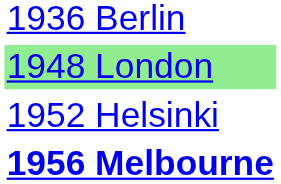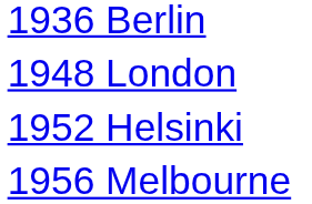 <table>
 <tr>
 <td><a href='#'>1936 Berlin</a><br></td>
 <td></td>
 <td></td>
 <td></td>
 </tr>
 <tr>
-<td style="background: lightgreen;"><a href='#'>1948 London</a><br></td>
+<td><a href='#'>1948 London</a><br></td>
 <td></td>
 <td></td>
 <td></td>
 </tr>
 <tr>
 <td><a href='#'>1952 Helsinki</a><br></td>
 <td></td>
 <td></td>
 <td></td>
 </tr>
 <tr>
-<td><strong><a href='#'>1956 Melbourne</a><br></strong></td>
+<td><a href='#'>1956 Melbourne</a><br></td>
 <td></td>
 <td></td>
 <td></td>
 </tr>
 </table>
